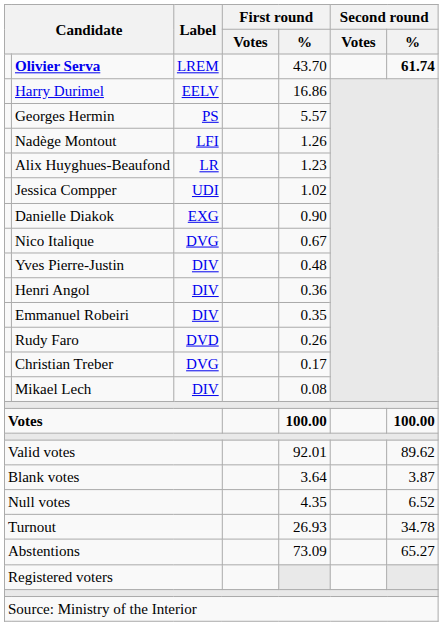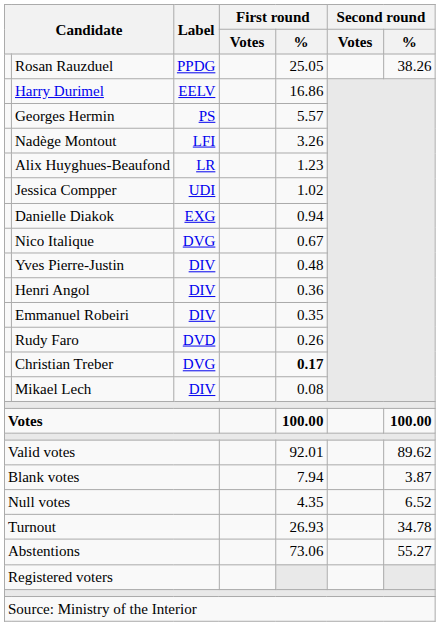 <table class="wikitable" style="text-align:right;font-size:95%;">
 <tr>
 <th rowspan="2" colspan="2">Candidate</th>
 <th rowspan="2">Label</th>
 <th colspan="2">First round</th>
 <th colspan="2">Second round</th>
 </tr>
 <tr>
 <th style="width:50px;">Votes</th>
 <th style="width:45px;">%</th>
 <th style="width:50px;">Votes</th>
 <th style="width:45px;">%</th>
 </tr>
 <tr>
 <td style="color:inherit;background:"></td>
-<td style="text-align:left;"><strong><a href='#'>Olivier Serva</a></strong></td>
-<td><a href='#'>LREM</a></td>
+<td style="text-align:left;">Rosan Rauzduel</td>
+<td><a href='#'>PPDG</a></td>
 <td></td>
-<td>43.70</td>
-<td><strong></strong></td>
-<td><strong>61.74</strong></td>
+<td>25.05</td>
+<td></td>
+<td>38.26</td>
 </tr>
 <tr>
 <td style="color:inherit;background:"></td>
 <td style="text-align:left;"><a href='#'>Harry Durimel</a></td>
 <td><a href='#'>EELV</a></td>
 <td></td>
 <td>16.86</td>
 <td colspan="2" rowspan="13" style="background:#E9E9E9;"></td>
 </tr>
 <tr>
 <td style="color:inherit;background:"></td>
 <td style="text-align:left;">Georges Hermin</td>
 <td><a href='#'>PS</a></td>
 <td></td>
 <td>5.57</td>
 </tr>
 <tr>
 <td style="color:inherit;background:"></td>
 <td style="text-align:left;">Nadège Montout</td>
 <td><a href='#'>LFI</a></td>
 <td></td>
-<td>1.26</td>
+<td>3.26</td>
 </tr>
 <tr>
 <td style="color:inherit;background:"></td>
 <td style="text-align:left;">Alix Huyghues-Beaufond</td>
 <td><a href='#'>LR</a></td>
 <td></td>
 <td>1.23</td>
 </tr>
 <tr>
 <td style="color:inherit;background:"></td>
 <td style="text-align:left;">Jessica Compper</td>
 <td><a href='#'>UDI</a></td>
 <td></td>
 <td>1.02</td>
 </tr>
 <tr>
 <td style="color:inherit;background:"></td>
 <td style="text-align:left;">Danielle Diakok</td>
 <td><a href='#'>EXG</a></td>
 <td></td>
-<td>0.90</td>
+<td>0.94</td>
 </tr>
 <tr>
 <td style="color:inherit;background:"></td>
 <td style="text-align:left;">Nico Italique</td>
 <td><a href='#'>DVG</a></td>
 <td></td>
 <td>0.67</td>
 </tr>
 <tr>
 <td style="color:inherit;background:"></td>
 <td style="text-align:left;">Yves Pierre-Justin</td>
 <td><a href='#'>DIV</a></td>
 <td></td>
 <td>0.48</td>
 </tr>
 <tr>
 <td style="color:inherit;background:"></td>
 <td style="text-align:left;">Henri Angol</td>
 <td><a href='#'>DIV</a></td>
 <td></td>
 <td>0.36</td>
 </tr>
 <tr>
 <td style="color:inherit;background:"></td>
 <td style="text-align:left;">Emmanuel Robeiri</td>
 <td><a href='#'>DIV</a></td>
 <td></td>
 <td>0.35</td>
 </tr>
 <tr>
 <td style="color:inherit;background:"></td>
 <td style="text-align:left;">Rudy Faro</td>
 <td><a href='#'>DVD</a></td>
 <td></td>
 <td>0.26</td>
 </tr>
 <tr>
 <td style="color:inherit;background:"></td>
 <td style="text-align:left;">Christian Treber</td>
 <td><a href='#'>DVG</a></td>
 <td></td>
-<td>0.17</td>
+<td><strong>0.17</strong></td>
 </tr>
 <tr>
 <td style="color:inherit;background:"></td>
 <td style="text-align:left;">Mikael Lech</td>
 <td><a href='#'>DIV</a></td>
 <td></td>
 <td>0.08</td>
 </tr>
 <tr>
 <td colspan="7" style="background:#E9E9E9;"></td>
 </tr>
 <tr style="font-weight:bold;">
 <td colspan="3" style="text-align:left;">Votes</td>
 <td></td>
 <td>100.00</td>
 <td></td>
 <td>100.00</td>
 </tr>
 <tr>
 <td colspan="7" style="background:#E9E9E9;"></td>
 </tr>
 <tr>
 <td colspan="3" style="text-align:left;">Valid votes</td>
 <td></td>
 <td>92.01</td>
 <td></td>
 <td>89.62</td>
 </tr>
 <tr>
 <td colspan="3" style="text-align:left;">Blank votes</td>
 <td></td>
-<td>3.64</td>
+<td>7.94</td>
 <td></td>
 <td>3.87</td>
 </tr>
 <tr>
 <td colspan="3" style="text-align:left;">Null votes</td>
 <td></td>
 <td>4.35</td>
 <td></td>
 <td>6.52</td>
 </tr>
 <tr>
 <td colspan="3" style="text-align:left;">Turnout</td>
 <td></td>
 <td>26.93</td>
 <td></td>
 <td>34.78</td>
 </tr>
 <tr>
 <td colspan="3" style="text-align:left;">Abstentions</td>
 <td></td>
-<td>73.09</td>
+<td>73.06</td>
 <td></td>
-<td>65.27</td>
+<td>55.27</td>
 </tr>
 <tr>
 <td colspan="3" style="text-align:left;">Registered voters</td>
 <td></td>
 <td style="background:#E9E9E9;"></td>
 <td></td>
 <td style="background:#E9E9E9;"></td>
 </tr>
 <tr>
 <td colspan="7" style="background:#E9E9E9;"></td>
 </tr>
 <tr>
 <td colspan="7" style="text-align:left;">Source: Ministry of the Interior</td>
 </tr>
 </table>
